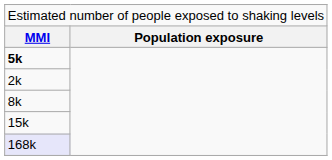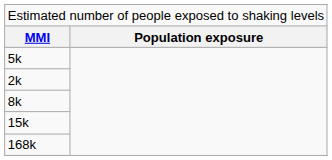 <table class="wikitable sortable plainrowheaders floatright" style="clear:right; margin-left:7px; margin-top:0; margin-right:0; margin-bottom:3px; font-size:80%;">
 <tr>
 <td colspan="2" style="text-align: center;">Estimated number of people exposed to shaking levels</td>
 </tr>
 <tr>
 <th><a href='#'>MMI</a></th>
 <th>Population exposure</th>
 </tr>
 <tr>
-<td><strong>5k</strong></td>
+<td>5k</td>
 </tr>
 <tr>
 <td>2k</td>
 </tr>
 <tr>
 <td>8k</td>
 </tr>
 <tr>
 <td>15k</td>
 </tr>
 <tr>
-<td style="background: lavender;">168k</td>
+<td>168k</td>
 </tr>
 <tr>
 </tr>
 </table>
